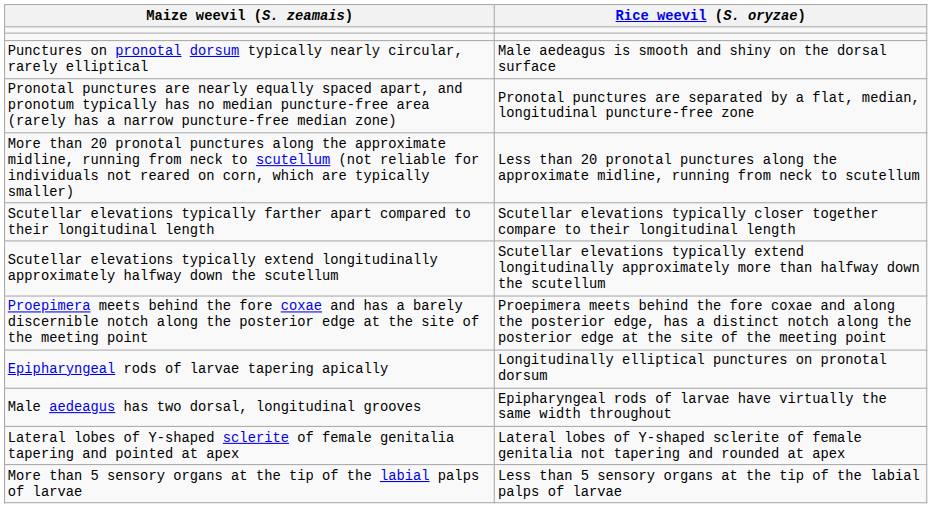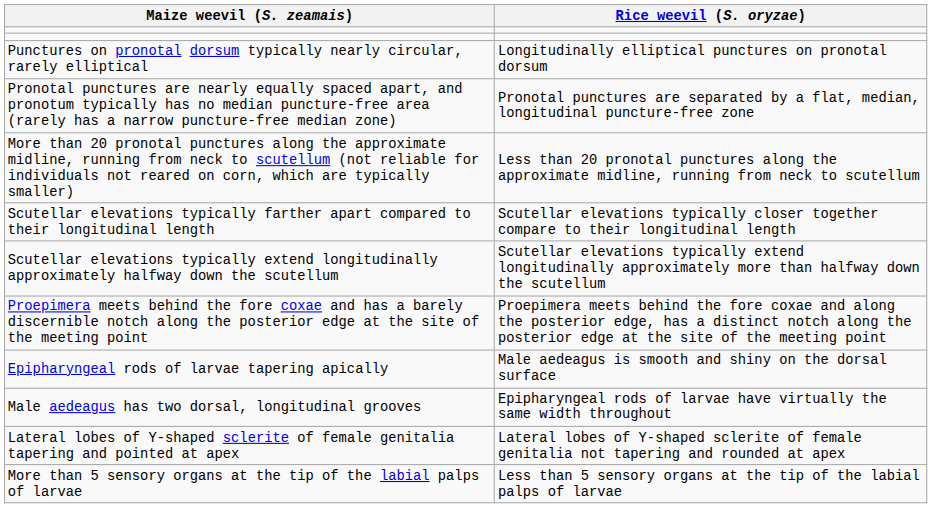 <table class="wikitable">
 <tr>
 <th>Maize weevil (<em>S. zeamais</em>)</th>
 <th><a href='#'>Rice weevil</a> (<em>S. oryzae</em>)</th>
 </tr>
 <tr>
 <td></td>
 <td></td>
 </tr>
 <tr>
 <td></td>
 <td></td>
 </tr>
 <tr>
 <td>Punctures on <a href='#'>pronotal</a> <a href='#'>dorsum</a> typically nearly circular, rarely elliptical</td>
-<td>Male aedeagus is smooth and shiny on the dorsal surface</td>
+<td>Longitudinally elliptical punctures on pronotal dorsum</td>
 </tr>
 <tr>
 <td>Pronotal punctures are nearly equally spaced apart, and pronotum typically has no median puncture-free area (rarely has a narrow puncture-free median zone)</td>
 <td>Pronotal punctures are separated by a flat, median, longitudinal puncture-free zone</td>
 </tr>
 <tr>
 <td>More than 20 pronotal punctures along the approximate midline, running from neck to <a href='#'>scutellum</a> (not reliable for individuals not reared on corn, which are typically smaller)</td>
 <td>Less than 20 pronotal punctures along the approximate midline, running from neck to scutellum</td>
 </tr>
 <tr>
 <td>Scutellar elevations typically farther apart compared to their longitudinal length</td>
 <td>Scutellar elevations typically closer together compare to their longitudinal length</td>
 </tr>
 <tr>
 <td>Scutellar elevations typically extend longitudinally approximately halfway down the scutellum</td>
 <td>Scutellar elevations typically extend longitudinally approximately more than halfway down the scutellum</td>
 </tr>
 <tr>
 <td><a href='#'>Proepimera</a> meets behind the fore <a href='#'>coxae</a> and has a barely discernible notch along the posterior edge at the site of the meeting point</td>
 <td>Proepimera meets behind the fore coxae and along the posterior edge, has a distinct notch along the posterior edge at the site of the meeting point</td>
 </tr>
 <tr>
 <td><a href='#'>Epipharyngeal</a> rods of larvae tapering apically</td>
-<td>Longitudinally elliptical punctures on pronotal dorsum</td>
+<td>Male aedeagus is smooth and shiny on the dorsal surface</td>
 </tr>
 <tr>
 <td>Male <a href='#'>aedeagus</a> has two dorsal, longitudinal grooves</td>
 <td>Epipharyngeal rods of larvae have virtually the same width throughout</td>
 </tr>
 <tr>
 <td>Lateral lobes of Y-shaped <a href='#'>sclerite</a> of female genitalia tapering and pointed at apex</td>
 <td>Lateral lobes of Y-shaped sclerite of female genitalia not tapering and rounded at apex</td>
 </tr>
 <tr>
 <td>More than 5 sensory organs at the tip of the <a href='#'>labial</a> palps of larvae</td>
 <td>Less than 5 sensory organs at the tip of the labial palps of larvae</td>
 </tr>
 </table>
